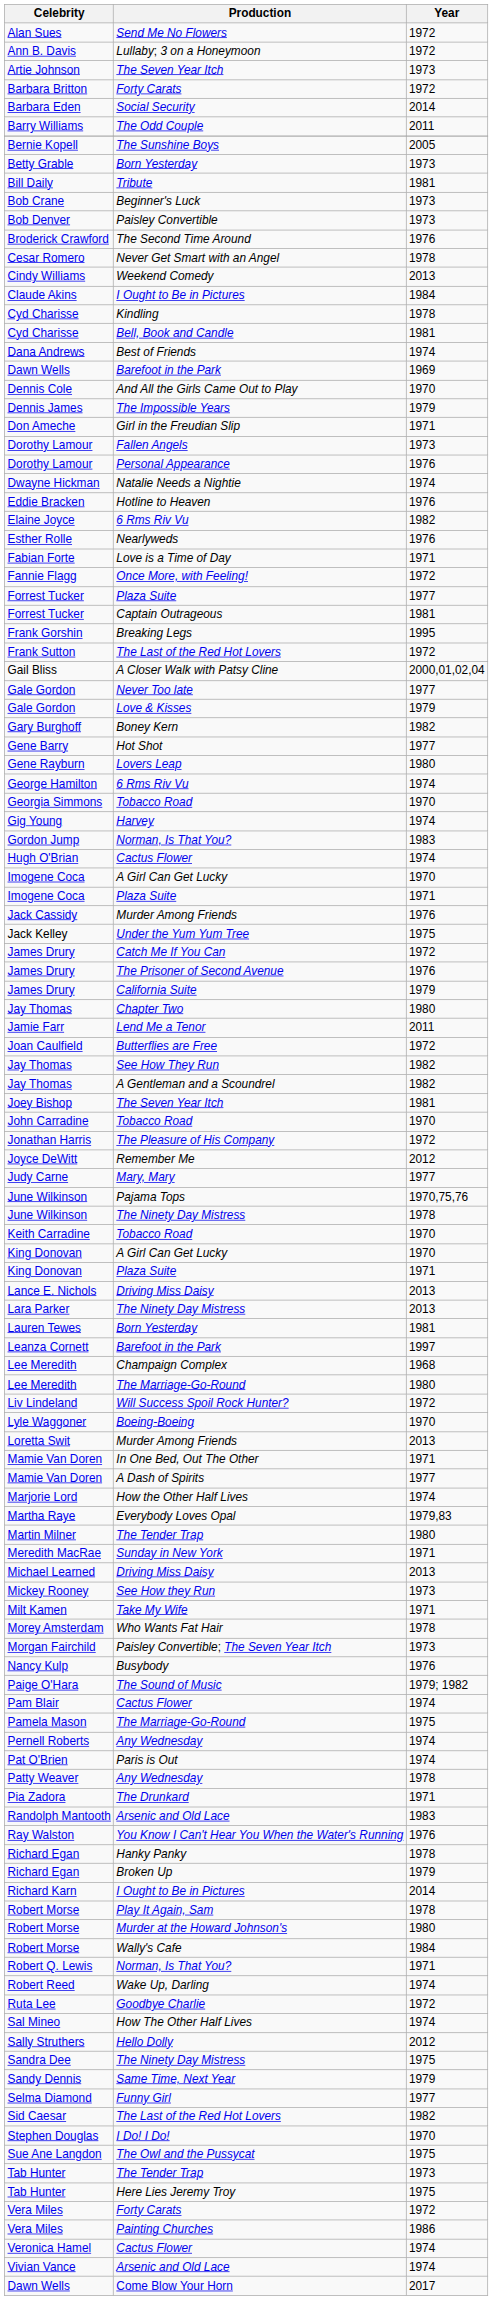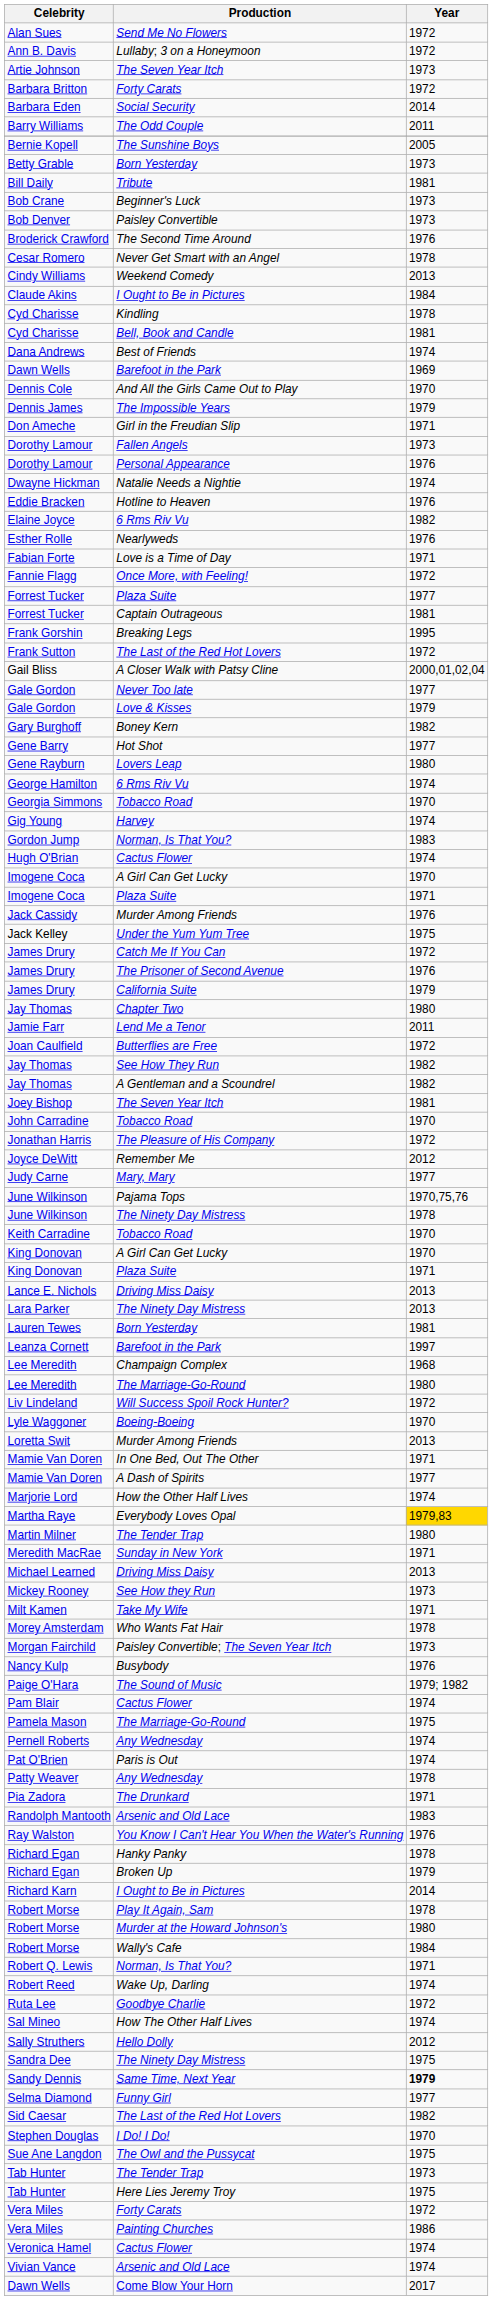 <table class="wikitable sortable collapsible collapsed" style="margin: 1em auto;">
 <tr>
 <th>Celebrity</th>
 <th>Production</th>
 <th>Year</th>
 </tr>
 <tr>
 <td><a href='#'>Alan Sues</a></td>
 <td><em><a href='#'>Send Me No Flowers</a></em></td>
 <td>1972</td>
 </tr>
 <tr>
 <td><a href='#'>Ann B. Davis</a></td>
 <td><em>Lullaby</em>; <em>3 on a Honeymoon</em></td>
 <td>1972</td>
 </tr>
 <tr>
 <td><a href='#'>Artie Johnson</a></td>
 <td><em><a href='#'>The Seven Year Itch</a></em></td>
 <td>1973</td>
 </tr>
 <tr>
 <td><a href='#'>Barbara Britton</a></td>
 <td><em><a href='#'>Forty Carats</a></em></td>
 <td>1972</td>
 </tr>
 <tr>
 <td><a href='#'>Barbara Eden</a></td>
 <td><em><a href='#'>Social Security</a></em></td>
 <td>2014</td>
 </tr>
 <tr>
 <td><a href='#'>Barry Williams</a></td>
 <td><em><a href='#'>The Odd Couple</a></em></td>
 <td>2011</td>
 </tr>
 <tr>
 </tr>
 <tr>
 <td><a href='#'>Bernie Kopell</a></td>
 <td><em><a href='#'>The Sunshine Boys</a></em></td>
 <td>2005</td>
 </tr>
 <tr>
 <td><a href='#'>Betty Grable</a></td>
 <td><em><a href='#'>Born Yesterday</a></em></td>
 <td>1973</td>
 </tr>
 <tr>
 <td><a href='#'>Bill Daily</a></td>
 <td><em><a href='#'>Tribute</a></em></td>
 <td>1981</td>
 </tr>
 <tr>
 <td><a href='#'>Bob Crane</a></td>
 <td><em>Beginner's Luck</em></td>
 <td>1973</td>
 </tr>
 <tr>
 <td><a href='#'>Bob Denver</a></td>
 <td><em>Paisley Convertible</em></td>
 <td>1973</td>
 </tr>
 <tr>
 <td><a href='#'>Broderick Crawford</a></td>
 <td><em>The Second Time Around</em></td>
 <td>1976</td>
 </tr>
 <tr>
 <td><a href='#'>Cesar Romero</a></td>
 <td><em>Never Get Smart with an Angel</em></td>
 <td>1978</td>
 </tr>
 <tr>
 <td><a href='#'>Cindy Williams</a></td>
 <td><em>Weekend Comedy</em></td>
 <td>2013</td>
 </tr>
 <tr>
 <td><a href='#'>Claude Akins</a></td>
 <td><em><a href='#'>I Ought to Be in Pictures</a></em></td>
 <td>1984</td>
 </tr>
 <tr>
 <td><a href='#'>Cyd Charisse</a></td>
 <td><em>Kindling</em></td>
 <td>1978</td>
 </tr>
 <tr>
 <td><a href='#'>Cyd Charisse</a></td>
 <td><em><a href='#'>Bell, Book and Candle</a></em></td>
 <td>1981</td>
 </tr>
 <tr>
 <td><a href='#'>Dana Andrews</a></td>
 <td><em>Best of Friends</em></td>
 <td>1974</td>
 </tr>
 <tr>
 <td><a href='#'>Dawn Wells</a></td>
 <td><em><a href='#'>Barefoot in the Park</a></em></td>
 <td>1969</td>
 </tr>
 <tr>
 <td><a href='#'>Dennis Cole</a></td>
 <td><em>And All the Girls Came Out to Play</em></td>
 <td>1970</td>
 </tr>
 <tr>
 <td><a href='#'>Dennis James</a></td>
 <td><em><a href='#'>The Impossible Years</a></em></td>
 <td>1979</td>
 </tr>
 <tr>
 <td><a href='#'>Don Ameche</a></td>
 <td><em>Girl in the Freudian Slip</em></td>
 <td>1971</td>
 </tr>
 <tr>
 <td><a href='#'>Dorothy Lamour</a></td>
 <td><em><a href='#'>Fallen Angels</a></em></td>
 <td>1973</td>
 </tr>
 <tr>
 <td><a href='#'>Dorothy Lamour</a></td>
 <td><em><a href='#'>Personal Appearance</a></em></td>
 <td>1976</td>
 </tr>
 <tr>
 <td><a href='#'>Dwayne Hickman</a></td>
 <td><em>Natalie Needs a Nightie</em></td>
 <td>1974</td>
 </tr>
 <tr>
 <td><a href='#'>Eddie Bracken</a></td>
 <td><em>Hotline to Heaven</em></td>
 <td>1976</td>
 </tr>
 <tr>
 <td><a href='#'>Elaine Joyce</a></td>
 <td><em><a href='#'>6 Rms Riv Vu</a></em></td>
 <td>1982</td>
 </tr>
 <tr>
 <td><a href='#'>Esther Rolle</a></td>
 <td><em>Nearlyweds</em></td>
 <td>1976</td>
 </tr>
 <tr>
 <td><a href='#'>Fabian Forte</a></td>
 <td><em>Love is a Time of Day</em></td>
 <td>1971</td>
 </tr>
 <tr>
 <td><a href='#'>Fannie Flagg</a></td>
 <td><em><a href='#'>Once More, with Feeling!</a></em></td>
 <td>1972</td>
 </tr>
 <tr>
 <td><a href='#'>Forrest Tucker</a></td>
 <td><em><a href='#'>Plaza Suite</a></em></td>
 <td>1977</td>
 </tr>
 <tr>
 <td><a href='#'>Forrest Tucker</a></td>
 <td><em>Captain Outrageous</em></td>
 <td>1981</td>
 </tr>
 <tr>
 <td><a href='#'>Frank Gorshin</a></td>
 <td><em>Breaking Legs</em></td>
 <td>1995</td>
 </tr>
 <tr>
 <td><a href='#'>Frank Sutton</a></td>
 <td><em><a href='#'>The Last of the Red Hot Lovers</a></em></td>
 <td>1972</td>
 </tr>
 <tr>
 <td>Gail Bliss</td>
 <td><em>A Closer Walk with Patsy Cline</em></td>
 <td>2000,01,02,04</td>
 </tr>
 <tr>
 <td><a href='#'>Gale Gordon</a></td>
 <td><em><a href='#'>Never Too late</a></em></td>
 <td>1977</td>
 </tr>
 <tr>
 <td><a href='#'>Gale Gordon</a></td>
 <td><em><a href='#'>Love & Kisses</a></em></td>
 <td>1979</td>
 </tr>
 <tr>
 <td><a href='#'>Gary Burghoff</a></td>
 <td><em>Boney Kern</em></td>
 <td>1982</td>
 </tr>
 <tr>
 <td><a href='#'>Gene Barry</a></td>
 <td><em>Hot Shot</em></td>
 <td>1977</td>
 </tr>
 <tr>
 <td><a href='#'>Gene Rayburn</a></td>
 <td><em><a href='#'>Lovers Leap</a></em></td>
 <td>1980</td>
 </tr>
 <tr>
 <td><a href='#'>George Hamilton</a></td>
 <td><em><a href='#'>6 Rms Riv Vu</a></em></td>
 <td>1974</td>
 </tr>
 <tr>
 <td><a href='#'>Georgia Simmons</a></td>
 <td><em><a href='#'>Tobacco Road</a></em></td>
 <td>1970</td>
 </tr>
 <tr>
 <td><a href='#'>Gig Young</a></td>
 <td><em><a href='#'>Harvey</a></em></td>
 <td>1974</td>
 </tr>
 <tr>
 <td><a href='#'>Gordon Jump</a></td>
 <td><em><a href='#'>Norman, Is That You?</a></em></td>
 <td>1983</td>
 </tr>
 <tr>
 <td><a href='#'>Hugh O'Brian</a></td>
 <td><em><a href='#'>Cactus Flower</a></em></td>
 <td>1974</td>
 </tr>
 <tr>
 <td><a href='#'>Imogene Coca</a></td>
 <td><em>A Girl Can Get Lucky</em></td>
 <td>1970</td>
 </tr>
 <tr>
 <td><a href='#'>Imogene Coca</a></td>
 <td><em><a href='#'>Plaza Suite</a></em></td>
 <td>1971</td>
 </tr>
 <tr>
 <td><a href='#'>Jack Cassidy</a></td>
 <td><em>Murder Among Friends</em></td>
 <td>1976</td>
 </tr>
 <tr>
 <td>Jack Kelley</td>
 <td><em><a href='#'>Under the Yum Yum Tree</a></em></td>
 <td>1975</td>
 </tr>
 <tr>
 <td><a href='#'>James Drury</a></td>
 <td><em><a href='#'>Catch Me If You Can</a></em></td>
 <td>1972</td>
 </tr>
 <tr>
 <td><a href='#'>James Drury</a></td>
 <td><em><a href='#'>The Prisoner of Second Avenue</a></em></td>
 <td>1976</td>
 </tr>
 <tr>
 <td><a href='#'>James Drury</a></td>
 <td><em><a href='#'>California Suite</a></em></td>
 <td>1979</td>
 </tr>
 <tr>
 <td><a href='#'>Jay Thomas</a></td>
 <td><em><a href='#'>Chapter Two</a></em></td>
 <td>1980</td>
 </tr>
 <tr>
 <td><a href='#'>Jamie Farr</a></td>
 <td><em><a href='#'>Lend Me a Tenor</a></em></td>
 <td>2011</td>
 </tr>
 <tr>
 <td><a href='#'>Joan Caulfield</a></td>
 <td><em><a href='#'>Butterflies are Free</a></em></td>
 <td>1972</td>
 </tr>
 <tr>
 <td><a href='#'>Jay Thomas</a></td>
 <td><em><a href='#'>See How They Run</a></em></td>
 <td>1982</td>
 </tr>
 <tr>
 <td><a href='#'>Jay Thomas</a></td>
 <td><em>A Gentleman and a Scoundrel</em></td>
 <td>1982</td>
 </tr>
 <tr>
 <td><a href='#'>Joey Bishop</a></td>
 <td><em><a href='#'>The Seven Year Itch</a></em></td>
 <td>1981</td>
 </tr>
 <tr>
 <td><a href='#'>John Carradine</a></td>
 <td><em><a href='#'>Tobacco Road</a></em></td>
 <td>1970</td>
 </tr>
 <tr>
 <td><a href='#'>Jonathan Harris</a></td>
 <td><em><a href='#'>The Pleasure of His Company</a></em></td>
 <td>1972</td>
 </tr>
 <tr>
 <td><a href='#'>Joyce DeWitt</a></td>
 <td><em>Remember Me</em></td>
 <td>2012</td>
 </tr>
 <tr>
 <td><a href='#'>Judy Carne</a></td>
 <td><em><a href='#'>Mary, Mary</a></em></td>
 <td>1977</td>
 </tr>
 <tr>
 <td><a href='#'>June Wilkinson</a></td>
 <td><em>Pajama Tops</em></td>
 <td>1970,75,76</td>
 </tr>
 <tr>
 <td><a href='#'>June Wilkinson</a></td>
 <td><em><a href='#'>The Ninety Day Mistress</a></em></td>
 <td>1978</td>
 </tr>
 <tr>
 <td><a href='#'>Keith Carradine</a></td>
 <td><em><a href='#'>Tobacco Road</a></em></td>
 <td>1970</td>
 </tr>
 <tr>
 <td><a href='#'>King Donovan</a></td>
 <td><em>A Girl Can Get Lucky</em></td>
 <td>1970</td>
 </tr>
 <tr>
 <td><a href='#'>King Donovan</a></td>
 <td><em><a href='#'>Plaza Suite</a></em></td>
 <td>1971</td>
 </tr>
 <tr>
 <td><a href='#'>Lance E. Nichols</a></td>
 <td><em><a href='#'>Driving Miss Daisy</a></em></td>
 <td>2013</td>
 </tr>
 <tr>
 <td><a href='#'>Lara Parker</a></td>
 <td><em><a href='#'>The Ninety Day Mistress</a></em></td>
 <td>2013</td>
 </tr>
 <tr>
 <td><a href='#'>Lauren Tewes</a></td>
 <td><em><a href='#'>Born Yesterday</a></em></td>
 <td>1981</td>
 </tr>
 <tr>
 <td><a href='#'>Leanza Cornett</a></td>
 <td><em><a href='#'>Barefoot in the Park</a></em></td>
 <td>1997</td>
 </tr>
 <tr>
 <td><a href='#'>Lee Meredith</a></td>
 <td><em>Champaign Complex</em></td>
 <td>1968</td>
 </tr>
 <tr>
 <td><a href='#'>Lee Meredith</a></td>
 <td><em><a href='#'>The Marriage-Go-Round</a></em></td>
 <td>1980</td>
 </tr>
 <tr>
 <td><a href='#'>Liv Lindeland</a></td>
 <td><em><a href='#'>Will Success Spoil Rock Hunter?</a></em></td>
 <td>1972</td>
 </tr>
 <tr>
 <td><a href='#'>Lyle Waggoner</a></td>
 <td><em><a href='#'>Boeing-Boeing</a></em></td>
 <td>1970</td>
 </tr>
 <tr>
 <td><a href='#'>Loretta Swit</a></td>
 <td><em>Murder Among Friends</em></td>
 <td>2013</td>
 </tr>
 <tr>
 <td><a href='#'>Mamie Van Doren</a></td>
 <td><em>In One Bed, Out The Other</em></td>
 <td>1971</td>
 </tr>
 <tr>
 <td><a href='#'>Mamie Van Doren</a></td>
 <td><em>A Dash of Spirits</em></td>
 <td>1977</td>
 </tr>
 <tr>
 <td><a href='#'>Marjorie Lord</a></td>
 <td><em>How the Other Half Lives</em></td>
 <td>1974</td>
 </tr>
 <tr>
 <td><a href='#'>Martha Raye</a></td>
 <td><em>Everybody Loves Opal</em></td>
-<td>1979,83</td>
+<td style="background: gold;">1979,83</td>
 </tr>
 <tr>
 <td><a href='#'>Martin Milner</a></td>
 <td><em><a href='#'>The Tender Trap</a></em></td>
 <td>1980</td>
 </tr>
 <tr>
 <td><a href='#'>Meredith MacRae</a></td>
 <td><em><a href='#'>Sunday in New York</a></em></td>
 <td>1971</td>
 </tr>
 <tr>
 <td><a href='#'>Michael Learned</a></td>
 <td><em><a href='#'>Driving Miss Daisy</a></em></td>
 <td>2013</td>
 </tr>
 <tr>
 <td><a href='#'>Mickey Rooney</a></td>
 <td><em><a href='#'>See How they Run</a></em></td>
 <td>1973</td>
 </tr>
 <tr>
 <td><a href='#'>Milt Kamen</a></td>
 <td><em><a href='#'>Take My Wife</a></em></td>
 <td>1971</td>
 </tr>
 <tr>
 <td><a href='#'>Morey Amsterdam</a></td>
 <td><em>Who Wants Fat Hair</em></td>
 <td>1978</td>
 </tr>
 <tr>
 <td><a href='#'>Morgan Fairchild</a></td>
 <td><em>Paisley Convertible</em>; <em><a href='#'>The Seven Year Itch</a></em></td>
 <td>1973</td>
 </tr>
 <tr>
 <td><a href='#'>Nancy Kulp</a></td>
 <td><em>Busybody</em></td>
 <td>1976</td>
 </tr>
 <tr>
 <td><a href='#'>Paige O'Hara</a></td>
 <td><em><a href='#'>The Sound of Music</a></em></td>
 <td>1979; 1982</td>
 </tr>
 <tr>
 <td><a href='#'>Pam Blair</a></td>
 <td><em><a href='#'>Cactus Flower</a></em></td>
 <td>1974</td>
 </tr>
 <tr>
 <td><a href='#'>Pamela Mason</a></td>
 <td><em><a href='#'>The Marriage-Go-Round</a></em></td>
 <td>1975</td>
 </tr>
 <tr>
 <td><a href='#'>Pernell Roberts</a></td>
 <td><em><a href='#'>Any Wednesday</a></em></td>
 <td>1974</td>
 </tr>
 <tr>
 <td><a href='#'>Pat O'Brien</a></td>
 <td><em>Paris is Out</em></td>
 <td>1974</td>
 </tr>
 <tr>
 <td><a href='#'>Patty Weaver</a></td>
 <td><em><a href='#'>Any Wednesday</a></em></td>
 <td>1978</td>
 </tr>
 <tr>
 <td><a href='#'>Pia Zadora</a></td>
 <td><em><a href='#'>The Drunkard</a></em></td>
 <td>1971</td>
 </tr>
 <tr>
 <td><a href='#'>Randolph Mantooth</a></td>
 <td><em><a href='#'>Arsenic and Old Lace</a></em></td>
 <td>1983</td>
 </tr>
 <tr>
 <td><a href='#'>Ray Walston</a></td>
 <td><em><a href='#'>You Know I Can't Hear You When the Water's Running</a></em></td>
 <td>1976</td>
 </tr>
 <tr>
 <td><a href='#'>Richard Egan</a></td>
 <td><em>Hanky Panky</em></td>
 <td>1978</td>
 </tr>
 <tr>
 <td><a href='#'>Richard Egan</a></td>
 <td><em>Broken Up</em></td>
 <td>1979</td>
 </tr>
 <tr>
 <td><a href='#'>Richard Karn</a></td>
 <td><em><a href='#'>I Ought to Be in Pictures</a></em></td>
 <td>2014</td>
 </tr>
 <tr>
 <td><a href='#'>Robert Morse</a></td>
 <td><em><a href='#'>Play It Again, Sam</a></em></td>
 <td>1978</td>
 </tr>
 <tr>
 <td><a href='#'>Robert Morse</a></td>
 <td><em><a href='#'>Murder at the Howard Johnson's</a></em></td>
 <td>1980</td>
 </tr>
 <tr>
 <td><a href='#'>Robert Morse</a></td>
 <td><em>Wally's Cafe</em></td>
 <td>1984</td>
 </tr>
 <tr>
 <td><a href='#'>Robert Q. Lewis</a></td>
 <td><em><a href='#'>Norman, Is That You?</a></em></td>
 <td>1971</td>
 </tr>
 <tr>
 <td><a href='#'>Robert Reed</a></td>
 <td><em>Wake Up, Darling</em></td>
 <td>1974</td>
 </tr>
 <tr>
 <td><a href='#'>Ruta Lee</a></td>
 <td><em><a href='#'>Goodbye Charlie</a></em></td>
 <td>1972</td>
 </tr>
 <tr>
 <td><a href='#'>Sal Mineo</a></td>
 <td><em>How The Other Half Lives</em></td>
 <td>1974</td>
 </tr>
 <tr>
 <td><a href='#'>Sally Struthers</a></td>
 <td><em><a href='#'>Hello Dolly</a></em></td>
 <td>2012</td>
 </tr>
 <tr>
 <td><a href='#'>Sandra Dee</a></td>
 <td><em><a href='#'>The Ninety Day Mistress</a></em></td>
 <td>1975</td>
 </tr>
 <tr>
 <td><a href='#'>Sandy Dennis</a></td>
 <td><em><a href='#'>Same Time, Next Year</a></em></td>
-<td>1979</td>
+<td><strong>1979</strong></td>
 </tr>
 <tr>
 <td><a href='#'>Selma Diamond</a></td>
 <td><em><a href='#'>Funny Girl</a></em></td>
 <td>1977</td>
 </tr>
 <tr>
 <td><a href='#'>Sid Caesar</a></td>
 <td><em><a href='#'>The Last of the Red Hot Lovers</a></em></td>
 <td>1982</td>
 </tr>
 <tr>
 <td><a href='#'>Stephen Douglas</a></td>
 <td><em><a href='#'>I Do! I Do!</a></em></td>
 <td>1970</td>
 </tr>
 <tr>
 <td><a href='#'>Sue Ane Langdon</a></td>
 <td><em><a href='#'>The Owl and the Pussycat</a></em></td>
 <td>1975</td>
 </tr>
 <tr>
 <td><a href='#'>Tab Hunter</a></td>
 <td><em><a href='#'>The Tender Trap</a></em></td>
 <td>1973</td>
 </tr>
 <tr>
 <td><a href='#'>Tab Hunter</a></td>
 <td><em>Here Lies Jeremy Troy</em></td>
 <td>1975</td>
 </tr>
 <tr>
 <td><a href='#'>Vera Miles</a></td>
 <td><em><a href='#'>Forty Carats</a></em></td>
 <td>1972</td>
 </tr>
 <tr>
 <td><a href='#'>Vera Miles</a></td>
 <td><em><a href='#'>Painting Churches</a></em></td>
 <td>1986</td>
 </tr>
 <tr>
 <td><a href='#'>Veronica Hamel</a></td>
 <td><em><a href='#'>Cactus Flower</a></em></td>
 <td>1974</td>
 </tr>
 <tr>
 <td><a href='#'>Vivian Vance</a></td>
 <td><em><a href='#'>Arsenic and Old Lace</a></em></td>
 <td>1974</td>
 </tr>
 <tr>
 <td><a href='#'>Dawn Wells</a></td>
 <td><a href='#'>Come Blow Your Horn</a></td>
 <td>2017</td>
 </tr>
 </table>
